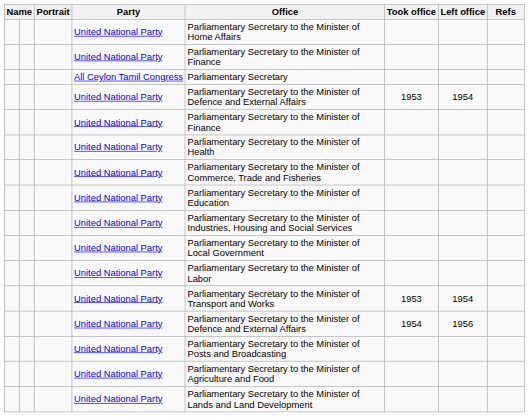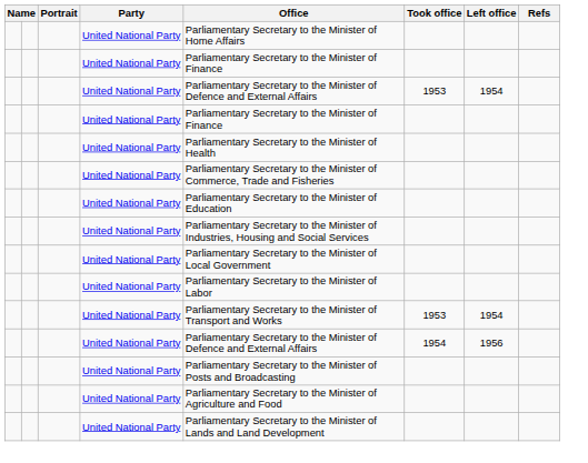 <table class="wikitable plainrowheaders sortable" style="font-size:90%; text-align:left;">
 <tr>
 <th scope=col colspan="2">Name</th>
 <th scope=col class=unsortable>Portrait</th>
 <th scope=col>Party</th>
 <th scope=col width=300px>Office</th>
 <th scope=col>Took office</th>
 <th scope=col>Left office</th>
 <th scope=col width=50px class=unsortable>Refs</th>
 </tr>
 <tr>
 <td !align="center" style="background:"></td>
 <td></td>
 <td align=center></td>
 <td><a href='#'>United National Party</a></td>
 <td>Parliamentary Secretary to the Minister of Home Affairs</td>
 <td align=center></td>
 <td></td>
 <td align=center></td>
 </tr>
 <tr>
 <td !align="center" style="background:"></td>
 <td></td>
 <td align=center></td>
 <td><a href='#'>United National Party</a></td>
 <td>Parliamentary Secretary to the Minister of Finance</td>
-<td align=center></td>
-<td align=center></td>
-<td align=center></td>
-</tr>
-<tr>
-<td !align="center" style="background:"></td>
-<td></td>
-<td align=center></td>
-<td><a href='#'>All Ceylon Tamil Congress</a></td>
-<td>Parliamentary Secretary</td>
 <td align=center></td>
 <td align=center></td>
 <td align=center></td>
 </tr>
 <tr>
 <td !align="center" style="background:"></td>
 <td></td>
 <td align=center></td>
 <td><a href='#'>United National Party</a></td>
 <td>Parliamentary Secretary to the Minister of Defence and External Affairs</td>
 <td align=center>1953</td>
 <td align=center>1954</td>
 <td align=center></td>
 </tr>
 <tr>
 <td !align="center" style="background:"></td>
 <td></td>
 <td align=center></td>
 <td><a href='#'>United National Party</a></td>
 <td>Parliamentary Secretary to the Minister of Finance</td>
 <td align=center></td>
 <td align=center></td>
 <td align=center></td>
 </tr>
 <tr>
 <td !align="center" style="background:"></td>
 <td></td>
 <td align=center></td>
 <td><a href='#'>United National Party</a></td>
 <td>Parliamentary Secretary to the Minister of Health</td>
 <td align=center></td>
 <td align=center></td>
 <td align=center></td>
 </tr>
 <tr>
 <td !align="center" style="background:"></td>
 <td></td>
 <td align=center></td>
 <td><a href='#'>United National Party</a></td>
 <td>Parliamentary Secretary to the Minister of Commerce, Trade and Fisheries</td>
 <td align=center></td>
 <td align=center></td>
 <td align=center></td>
 </tr>
 <tr>
 <td !align="center" style="background:"></td>
 <td></td>
 <td align=center></td>
 <td><a href='#'>United National Party</a></td>
 <td>Parliamentary Secretary to the Minister of Education</td>
 <td align=center></td>
 <td align=center></td>
 <td align=center></td>
 </tr>
 <tr>
 <td !align="center" style="background:"></td>
 <td></td>
 <td align=center></td>
 <td><a href='#'>United National Party</a></td>
 <td>Parliamentary Secretary to the Minister of Industries, Housing and Social Services</td>
 <td align=center></td>
 <td align=center></td>
 <td align=center></td>
 </tr>
 <tr>
 <td !align="center" style="background:"></td>
 <td></td>
 <td align=center></td>
 <td><a href='#'>United National Party</a></td>
 <td>Parliamentary Secretary to the Minister of Local Government</td>
 <td align=center></td>
 <td align=center></td>
 <td align=center></td>
 </tr>
 <tr>
 <td !align="center" style="background:"></td>
 <td></td>
 <td align=center></td>
 <td><a href='#'>United National Party</a></td>
 <td>Parliamentary Secretary to the Minister of Labor</td>
 <td align=center></td>
 <td align=center></td>
 <td align=center></td>
 </tr>
 <tr>
 <td !align="center" style="background:"></td>
 <td></td>
 <td align=center></td>
 <td><a href='#'>United National Party</a></td>
 <td>Parliamentary Secretary to the Minister of Transport and Works</td>
 <td align=center>1953</td>
 <td align=center>1954</td>
 <td align=center></td>
 </tr>
 <tr>
 <td !align="center" style="background:"></td>
 <td></td>
 <td align=center></td>
 <td><a href='#'>United National Party</a></td>
 <td>Parliamentary Secretary to the Minister of Defence and External Affairs</td>
 <td align=center>1954</td>
 <td align=center>1956</td>
 <td align=center></td>
 </tr>
 <tr>
 <td !align="center" style="background:"></td>
 <td></td>
 <td align=center></td>
 <td><a href='#'>United National Party</a></td>
 <td>Parliamentary Secretary to the Minister of Posts and Broadcasting</td>
 <td align=center></td>
 <td align=center></td>
 <td align=center></td>
 </tr>
 <tr>
 <td !align="center" style="background:"></td>
 <td></td>
 <td align=center></td>
 <td><a href='#'>United National Party</a></td>
 <td>Parliamentary Secretary to the Minister of Agriculture and Food</td>
 <td align=center></td>
 <td align=center></td>
 <td align=center></td>
 </tr>
 <tr>
 <td !align="center" style="background:"></td>
 <td></td>
 <td align=center></td>
 <td><a href='#'>United National Party</a></td>
 <td>Parliamentary Secretary to the Minister of Lands and Land Development</td>
 <td align=center></td>
 <td align=center></td>
 <td align=center></td>
 </tr>
 </table>
